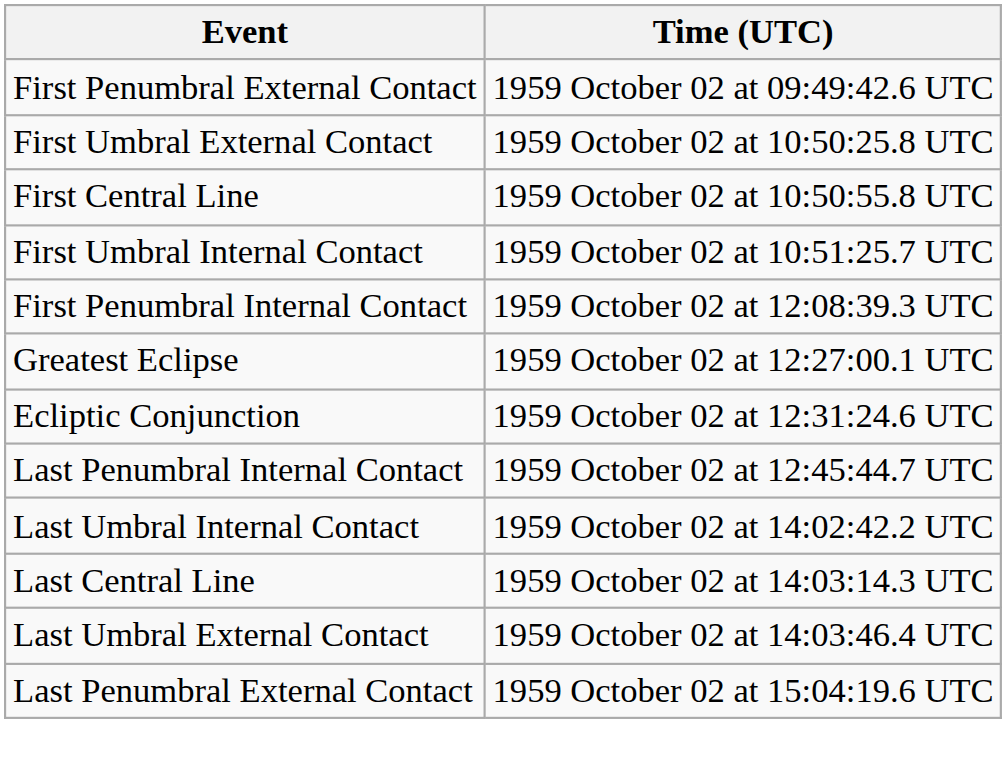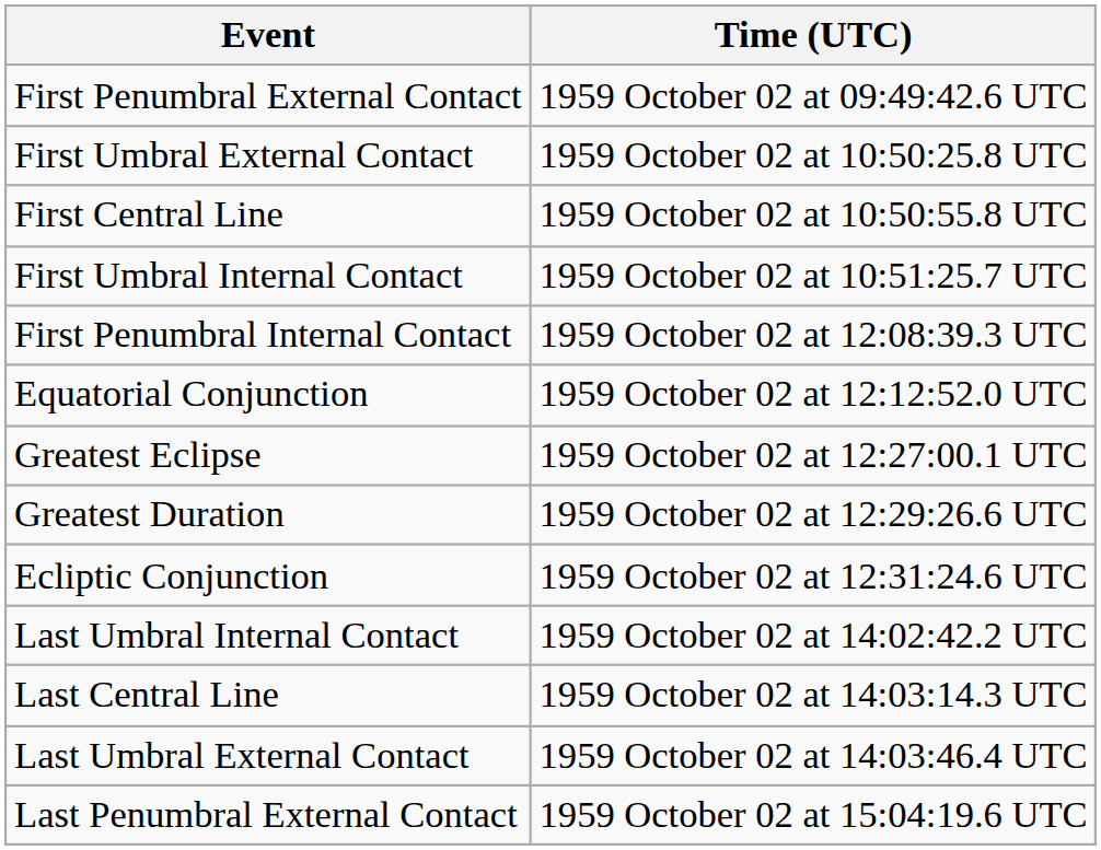 <table class="wikitable">
 <tr>
 <th>Event</th>
 <th>Time (UTC)</th>
 </tr>
 <tr>
 <td>First Penumbral External Contact</td>
 <td>1959 October 02 at 09:49:42.6 UTC</td>
 </tr>
 <tr>
 <td>First Umbral External Contact</td>
 <td>1959 October 02 at 10:50:25.8 UTC</td>
 </tr>
 <tr>
 <td>First Central Line</td>
 <td>1959 October 02 at 10:50:55.8 UTC</td>
 </tr>
 <tr>
 <td>First Umbral Internal Contact</td>
 <td>1959 October 02 at 10:51:25.7 UTC</td>
 </tr>
 <tr>
 <td>First Penumbral Internal Contact</td>
 <td>1959 October 02 at 12:08:39.3 UTC</td>
 </tr>
 <tr>
+<td>Equatorial Conjunction</td>
+<td>1959 October 02 at 12:12:52.0 UTC</td>
+</tr>
+<tr>
 <td>Greatest Eclipse</td>
 <td>1959 October 02 at 12:27:00.1 UTC</td>
 </tr>
 <tr>
+<td>Greatest Duration</td>
+<td>1959 October 02 at 12:29:26.6 UTC</td>
+</tr>
+<tr>
 <td>Ecliptic Conjunction</td>
 <td>1959 October 02 at 12:31:24.6 UTC</td>
-</tr>
-<tr>
-<td>Last Penumbral Internal Contact</td>
-<td>1959 October 02 at 12:45:44.7 UTC</td>
 </tr>
 <tr>
 <td>Last Umbral Internal Contact</td>
 <td>1959 October 02 at 14:02:42.2 UTC</td>
 </tr>
 <tr>
 <td>Last Central Line</td>
 <td>1959 October 02 at 14:03:14.3 UTC</td>
 </tr>
 <tr>
 <td>Last Umbral External Contact</td>
 <td>1959 October 02 at 14:03:46.4 UTC</td>
 </tr>
 <tr>
 <td>Last Penumbral External Contact</td>
 <td>1959 October 02 at 15:04:19.6 UTC</td>
 </tr>
 </table>
